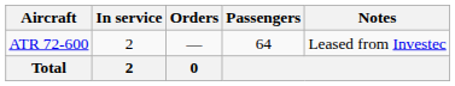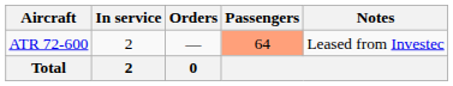 <table class="wikitable" style="margin:1em auto; text-align:center;">
 <tr>
 <th>Aircraft</th>
 <th>In service</th>
 <th>Orders</th>
 <th>Passengers</th>
 <th>Notes</th>
 </tr>
 <tr>
 <td><a href='#'>ATR 72-600</a></td>
 <td>2</td>
 <td>—</td>
-<td>64</td>
+<td style="background: lightsalmon;">64</td>
 <td>Leased from <a href='#'>Investec</a></td>
 </tr>
 <tr>
 <th>Total</th>
 <th>2</th>
 <th>0</th>
 <th colspan="2"></th>
 </tr>
 </table>
